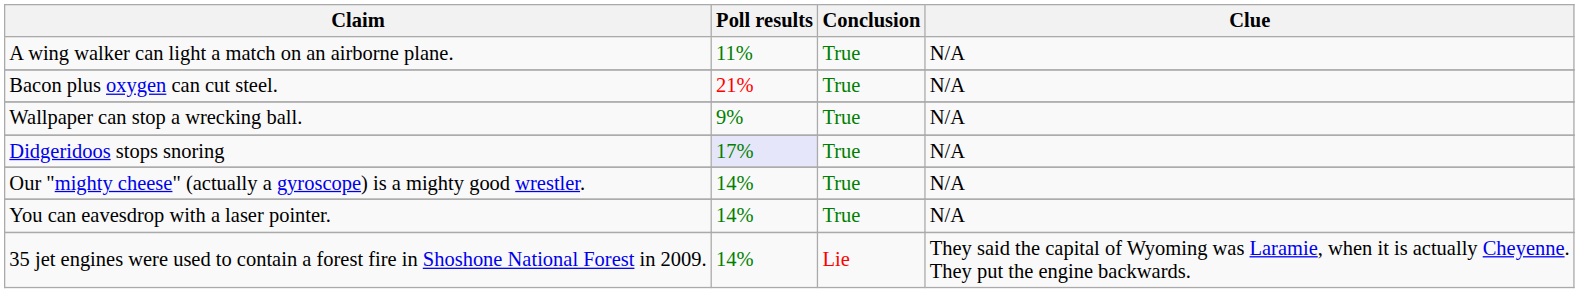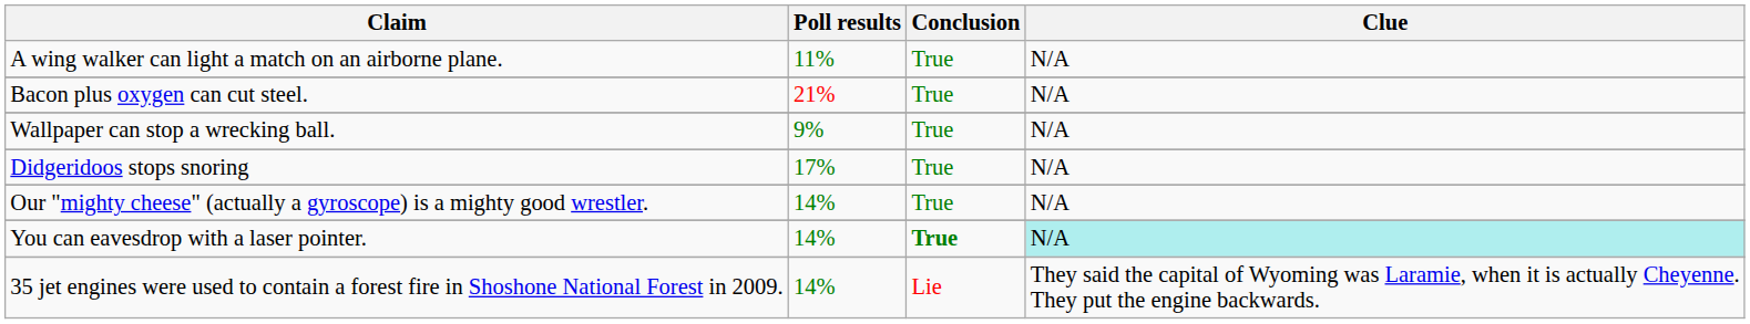 <table class="wikitable">
 <tr>
 <th>Claim</th>
 <th>Poll results</th>
 <th>Conclusion</th>
 <th>Clue</th>
 </tr>
 <tr>
 <td>A wing walker can light a match on an airborne plane.</td>
 <td style="color:green">11%</td>
 <td style="color:green">True</td>
 <td>N/A</td>
 </tr>
 <tr>
 </tr>
 <tr>
 <td>Bacon plus <a href='#'>oxygen</a> can cut steel.</td>
 <td style="color:red">21%</td>
 <td style="color:green">True</td>
 <td>N/A</td>
 </tr>
 <tr>
 </tr>
 <tr>
 <td>Wallpaper can stop a wrecking ball.</td>
 <td style="color:green">9%</td>
 <td style="color:green">True</td>
 <td>N/A</td>
 </tr>
 <tr>
 </tr>
 <tr>
 <td><a href='#'>Didgeridoos</a> stops snoring</td>
-<td style="background: lavender; color:green">17%</td>
+<td style="color:green">17%</td>
 <td style="color:green">True</td>
 <td>N/A</td>
 </tr>
 <tr>
 </tr>
 <tr>
 <td>Our "<a href='#'>mighty cheese</a>" (actually a <a href='#'>gyroscope</a>) is a mighty good <a href='#'>wrestler</a>.</td>
 <td style="color:green">14%</td>
 <td style="color:green">True</td>
 <td>N/A</td>
 </tr>
 <tr>
 </tr>
 <tr>
 <td>You can eavesdrop with a laser pointer.</td>
 <td style="color:green">14%</td>
-<td style="color:green">True</td>
-<td>N/A</td>
+<td style="color:green"><strong>True</strong></td>
+<td style="background: paleturquoise;">N/A</td>
 </tr>
 <tr>
 </tr>
 <tr>
 <td>35 jet engines were used to contain a forest fire in <a href='#'>Shoshone National Forest</a> in 2009.</td>
 <td style="color:green">14%</td>
 <td style="color:red">Lie</td>
 <td>They said the capital of Wyoming was <a href='#'>Laramie</a>, when it is actually <a href='#'>Cheyenne</a>.<br>They put the engine backwards.</td>
 </tr>
 </table>
